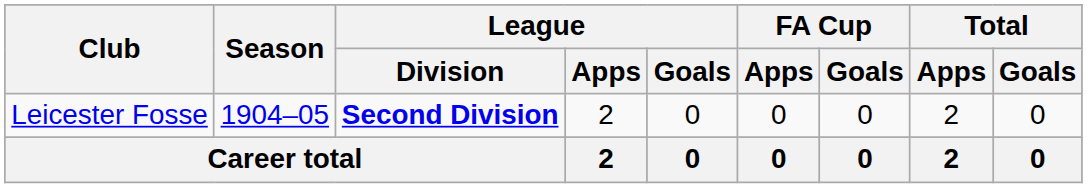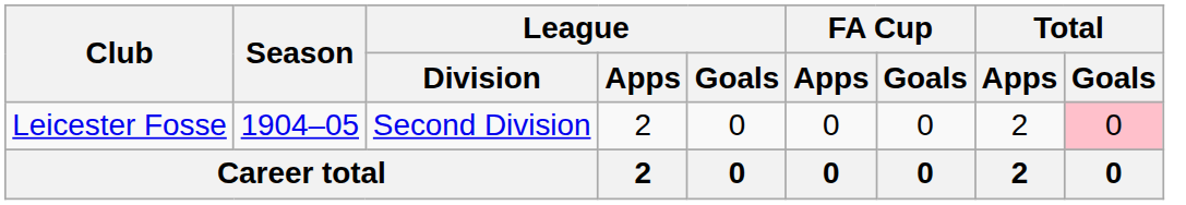 <table class="wikitable" style="text-align: center;">
 <tr>
 <th rowspan="2">Club</th>
 <th rowspan="2">Season</th>
 <th colspan="3">League</th>
 <th colspan="2">FA Cup</th>
 <th colspan="2">Total</th>
 </tr>
 <tr>
 <th>Division</th>
 <th>Apps</th>
 <th>Goals</th>
 <th>Apps</th>
 <th>Goals</th>
 <th>Apps</th>
 <th>Goals</th>
 </tr>
 <tr>
 <td><a href='#'>Leicester Fosse</a></td>
 <td><a href='#'>1904–05</a></td>
-<td><strong><a href='#'>Second Division</a></strong></td>
+<td><a href='#'>Second Division</a></td>
 <td>2</td>
 <td>0</td>
 <td>0</td>
 <td>0</td>
 <td>2</td>
-<td>0</td>
+<td style="background: pink;">0</td>
 </tr>
 <tr>
 <th colspan="3">Career total</th>
 <th>2</th>
 <th>0</th>
 <th>0</th>
 <th>0</th>
 <th>2</th>
 <th>0</th>
 </tr>
 </table>
